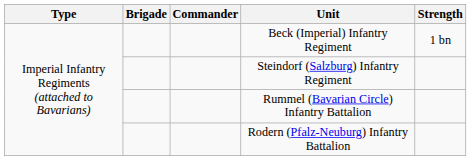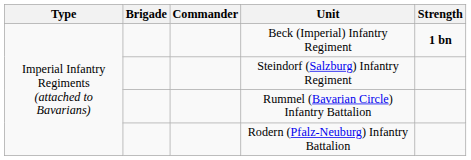 <table class="wikitable mw-collapsible" style="text-align:center" ;>
 <tr>
 <th>Type</th>
 <th>Brigade</th>
 <th>Commander</th>
 <th>Unit</th>
 <th>Strength</th>
 </tr>
 <tr>
 <td rowspan="4">Imperial Infantry Regiments<br><em>(attached to Bavarians)</em></td>
 <td></td>
 <td></td>
 <td>Beck (Imperial) Infantry Regiment</td>
-<td>1 bn</td>
+<td><strong>1 bn</strong></td>
 </tr>
 <tr>
 <td></td>
 <td></td>
 <td>Steindorf (<a href='#'>Salzburg</a>) Infantry Regiment</td>
 <td></td>
 </tr>
 <tr>
 <td></td>
 <td></td>
 <td>Rummel (<a href='#'>Bavarian Circle</a>) Infantry Battalion</td>
 <td></td>
 </tr>
 <tr>
 <td></td>
 <td></td>
 <td>Rodern (<a href='#'>Pfalz-Neuburg</a>) Infantry Battalion</td>
 <td></td>
 </tr>
 </table>
